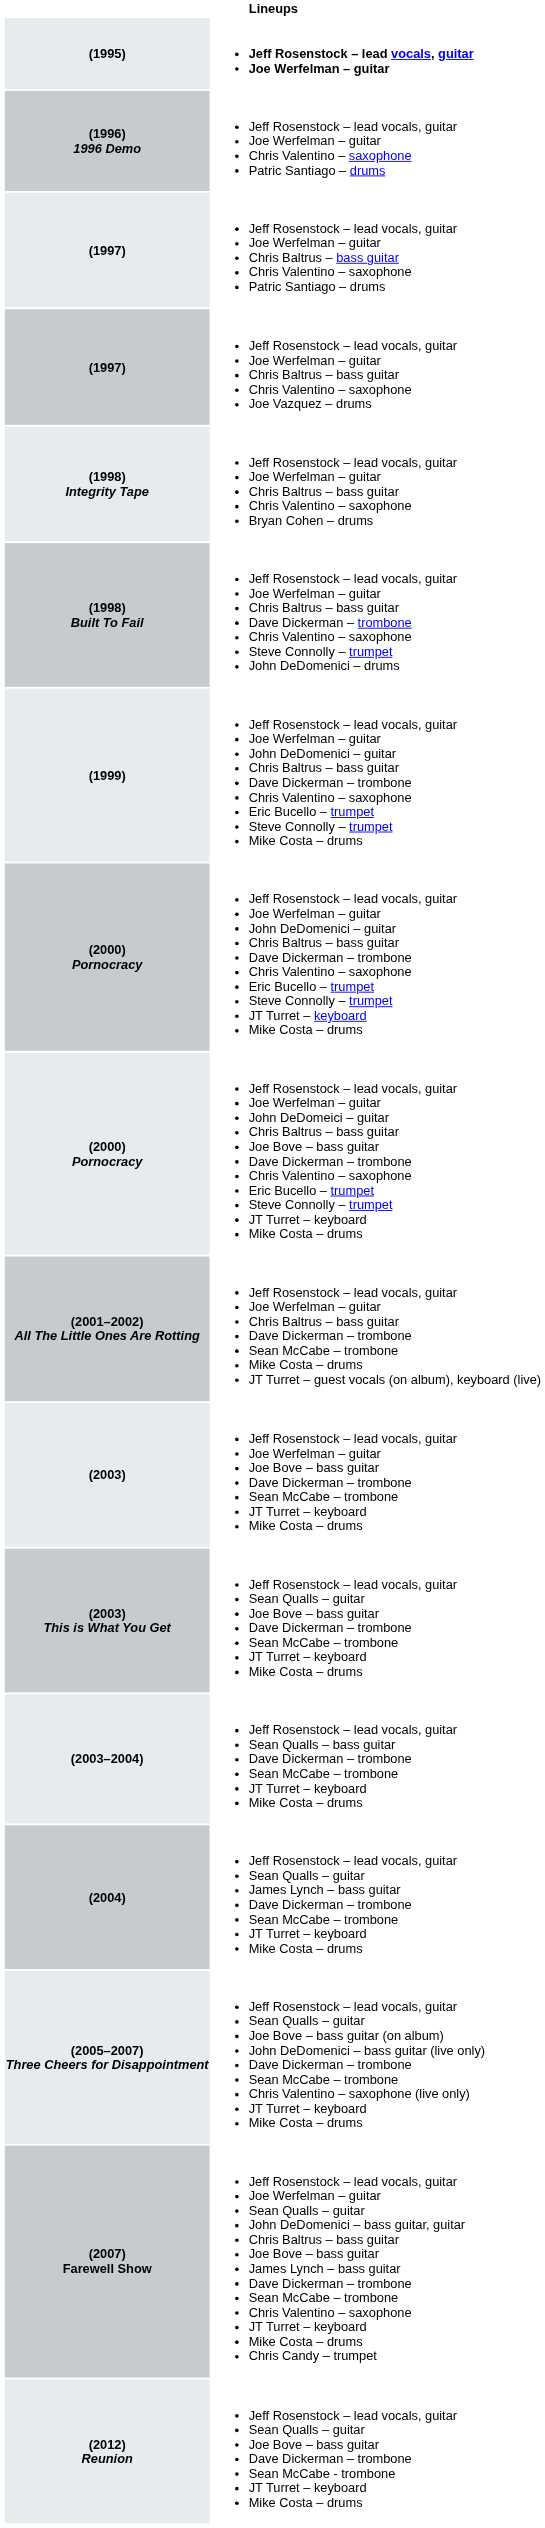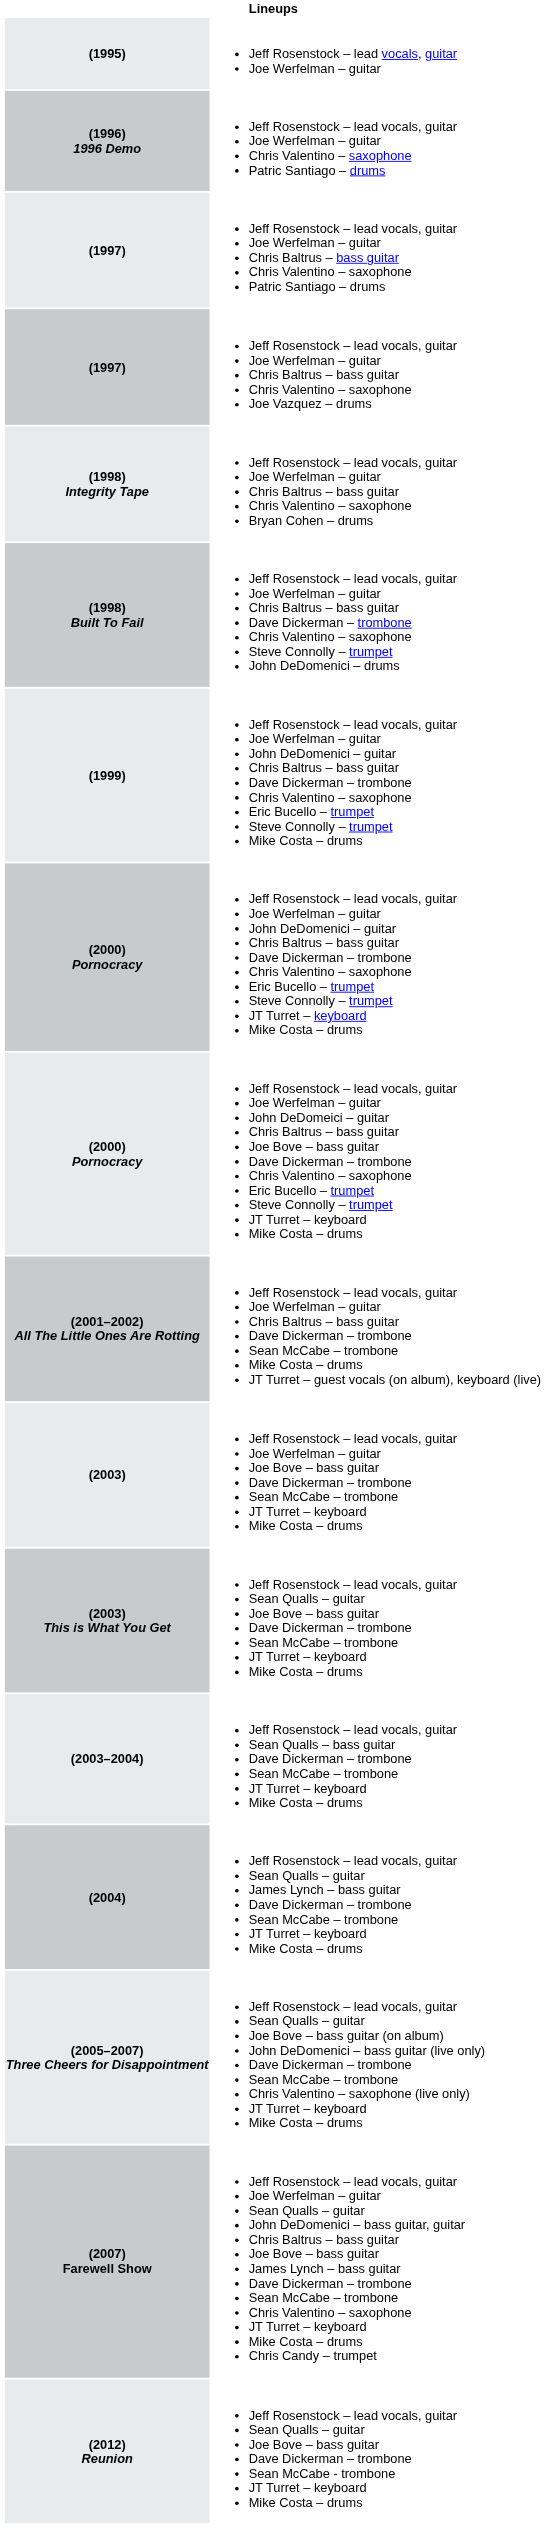 <table class="toccolours collapsible collapsed" style="min-width:40em; font-size:88%">
 <tr>
 <th colspan=2>Lineups</th>
 </tr>
 <tr>
 <th bgcolor="#E7EBEE">(1995)<br></th>
-<td><strong><br><ul><li>Jeff Rosenstock – lead <a href='#'>vocals</a>, <a href='#'>guitar</a></li><li>Joe Werfelman – guitar</li></ul></strong></td>
+<td><br><ul><li>Jeff Rosenstock – lead <a href='#'>vocals</a>, <a href='#'>guitar</a></li><li>Joe Werfelman – guitar</li></ul></td>
 </tr>
 <tr>
 <th bgcolor="#C7CBCE">(1996)<br><em>1996 Demo</em></th>
 <td><br><ul><li>Jeff Rosenstock – lead vocals, guitar</li><li>Joe Werfelman – guitar</li><li>Chris Valentino – <a href='#'>saxophone</a></li><li>Patric Santiago – <a href='#'>drums</a></li></ul></td>
 </tr>
 <tr>
 <th bgcolor="#E7EBEE">(1997)<br></th>
 <td><br><ul><li>Jeff Rosenstock – lead vocals, guitar</li><li>Joe Werfelman – guitar</li><li>Chris Baltrus – <a href='#'>bass guitar</a></li><li>Chris Valentino – saxophone</li><li>Patric Santiago – drums</li></ul></td>
 </tr>
 <tr>
 <th bgcolor="#C7CBCE">(1997)<br></th>
 <td><br><ul><li>Jeff Rosenstock – lead vocals, guitar</li><li>Joe Werfelman – guitar</li><li>Chris Baltrus – bass guitar</li><li>Chris Valentino – saxophone</li><li>Joe Vazquez – drums</li></ul></td>
 </tr>
 <tr>
 <th bgcolor="#E7EBEE">(1998)<br> <em>Integrity Tape</em></th>
 <td><br><ul><li>Jeff Rosenstock – lead vocals, guitar</li><li>Joe Werfelman – guitar</li><li>Chris Baltrus – bass guitar</li><li>Chris Valentino – saxophone</li><li>Bryan Cohen – drums</li></ul></td>
 </tr>
 <tr>
 <th bgcolor="#C7CBCE">(1998)<br> <em>Built To Fail</em></th>
 <td><br><ul><li>Jeff Rosenstock – lead vocals, guitar</li><li>Joe Werfelman – guitar</li><li>Chris Baltrus – bass guitar</li><li>Dave Dickerman – <a href='#'>trombone</a></li><li>Chris Valentino – saxophone</li><li>Steve Connolly – <a href='#'>trumpet</a></li><li>John DeDomenici – drums</li></ul></td>
 </tr>
 <tr>
 <th bgcolor="#E7EBEE">(1999)<br></th>
 <td><br><ul><li>Jeff Rosenstock – lead vocals, guitar</li><li>Joe Werfelman – guitar</li><li>John DeDomenici – guitar</li><li>Chris Baltrus – bass guitar</li><li>Dave Dickerman – trombone</li><li>Chris Valentino – saxophone</li><li>Eric Bucello – <a href='#'>trumpet</a></li><li>Steve Connolly – <a href='#'>trumpet</a></li><li>Mike Costa – drums</li></ul></td>
 </tr>
 <tr>
 <th bgcolor="#C7CBCE">(2000)<br> <em>Pornocracy</em></th>
 <td><br><ul><li>Jeff Rosenstock – lead vocals, guitar</li><li>Joe Werfelman – guitar</li><li>John DeDomenici – guitar</li><li>Chris Baltrus – bass guitar</li><li>Dave Dickerman – trombone</li><li>Chris Valentino – saxophone</li><li>Eric Bucello – <a href='#'>trumpet</a></li><li>Steve Connolly – <a href='#'>trumpet</a></li><li>JT Turret – <a href='#'>keyboard</a></li><li>Mike Costa – drums</li></ul></td>
 </tr>
 <tr>
 <th bgcolor="#E7EBEE">(2000)<br> <em>Pornocracy</em></th>
 <td><br><ul><li>Jeff Rosenstock – lead vocals, guitar</li><li>Joe Werfelman – guitar</li><li>John DeDomeici – guitar</li><li>Chris Baltrus – bass guitar</li><li>Joe Bove – bass guitar</li><li>Dave Dickerman – trombone</li><li>Chris Valentino – saxophone</li><li>Eric Bucello – <a href='#'>trumpet</a></li><li>Steve Connolly – <a href='#'>trumpet</a></li><li>JT Turret – keyboard</li><li>Mike Costa – drums</li></ul></td>
 </tr>
 <tr>
 <th bgcolor="#C7CBCE">(2001–2002)<br> <em>All The Little Ones Are Rotting</em></th>
 <td><br><ul><li>Jeff Rosenstock – lead vocals, guitar</li><li>Joe Werfelman – guitar</li><li>Chris Baltrus – bass guitar</li><li>Dave Dickerman – trombone</li><li>Sean McCabe – trombone</li><li>Mike Costa – drums</li><li>JT Turret – guest vocals (on album), keyboard (live)</li></ul></td>
 </tr>
 <tr>
 <th bgcolor="#E7EBEE">(2003)<br></th>
 <td><br><ul><li>Jeff Rosenstock – lead vocals, guitar</li><li>Joe Werfelman – guitar</li><li>Joe Bove – bass guitar</li><li>Dave Dickerman – trombone</li><li>Sean McCabe – trombone</li><li>JT Turret – keyboard</li><li>Mike Costa – drums</li></ul></td>
 </tr>
 <tr>
 <th bgcolor="#C7CBCE">(2003)<br> <em>This is What You Get</em></th>
 <td><br><ul><li>Jeff Rosenstock – lead vocals, guitar</li><li>Sean Qualls – guitar</li><li>Joe Bove – bass guitar</li><li>Dave Dickerman – trombone</li><li>Sean McCabe – trombone</li><li>JT Turret – keyboard</li><li>Mike Costa – drums</li></ul></td>
 </tr>
 <tr>
 <th bgcolor="#E7EBEE">(2003–2004)<br></th>
 <td><br><ul><li>Jeff Rosenstock – lead vocals, guitar</li><li>Sean Qualls – bass guitar</li><li>Dave Dickerman – trombone</li><li>Sean McCabe – trombone</li><li>JT Turret – keyboard</li><li>Mike Costa – drums</li></ul></td>
 </tr>
 <tr>
 <th bgcolor="#C7CBCE">(2004)<br></th>
 <td><br><ul><li>Jeff Rosenstock – lead vocals, guitar</li><li>Sean Qualls – guitar</li><li>James Lynch – bass guitar</li><li>Dave Dickerman – trombone</li><li>Sean McCabe – trombone</li><li>JT Turret – keyboard</li><li>Mike Costa – drums</li></ul></td>
 </tr>
 <tr>
 <th bgcolor="#E7EBEE">(2005–2007)<br> <em>Three Cheers for Disappointment</em></th>
 <td><br><ul><li>Jeff Rosenstock – lead vocals, guitar</li><li>Sean Qualls – guitar</li><li>Joe Bove – bass guitar (on album)</li><li>John DeDomenici – bass guitar (live only)</li><li>Dave Dickerman – trombone</li><li>Sean McCabe – trombone</li><li>Chris Valentino – saxophone (live only)</li><li>JT Turret – keyboard</li><li>Mike Costa – drums</li></ul></td>
 </tr>
 <tr>
 <th bgcolor="#C7CBCE">(2007)<br> Farewell Show</th>
 <td><br><ul><li>Jeff Rosenstock – lead vocals, guitar</li><li>Joe Werfelman – guitar</li><li>Sean Qualls – guitar</li><li>John DeDomenici – bass guitar, guitar</li><li>Chris Baltrus – bass guitar</li><li>Joe Bove – bass guitar</li><li>James Lynch – bass guitar</li><li>Dave Dickerman – trombone</li><li>Sean McCabe – trombone</li><li>Chris Valentino – saxophone</li><li>JT Turret – keyboard</li><li>Mike Costa – drums</li><li>Chris Candy – trumpet</li></ul></td>
 </tr>
 <tr>
 <th bgcolor="#E7EBEE">(2012)<br> <em>Reunion</em></th>
 <td><br><ul><li>Jeff Rosenstock – lead vocals, guitar</li><li>Sean Qualls – guitar</li><li>Joe Bove – bass guitar</li><li>Dave Dickerman – trombone</li><li>Sean McCabe - trombone</li><li>JT Turret – keyboard</li><li>Mike Costa – drums</li></ul></td>
 </tr>
 </table>
